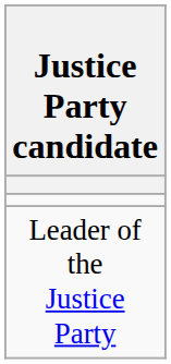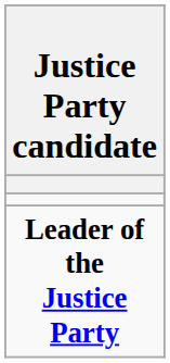 <table class="wikitable" style="font-size:90%; text-align:center;">
 <tr>
 <td style="background:#f1f1f1;" colspan="30"><br><big><strong>Justice Party candidate</strong></big></td>
 </tr>
 <tr>
 <th style="width:3em; font-size:135%; background:"><a href='#'></a></th>
 </tr>
 <tr>
 <td></td>
 </tr>
 <tr>
-<td>Leader of the<br><a href='#'>Justice Party</a><br></td>
+<td><strong>Leader of the<br><a href='#'>Justice Party</a><br></strong></td>
 </tr>
 </table>
